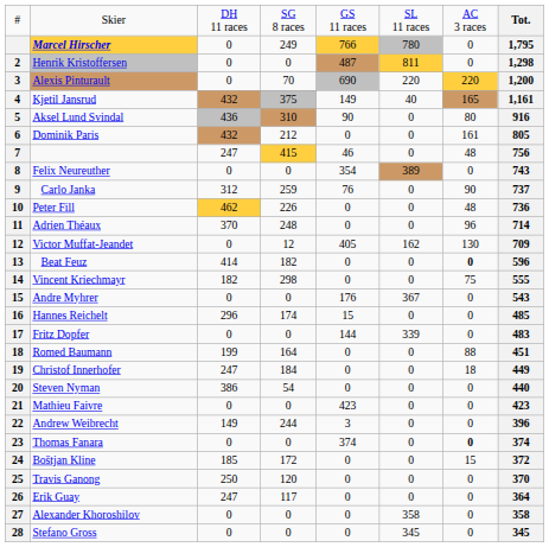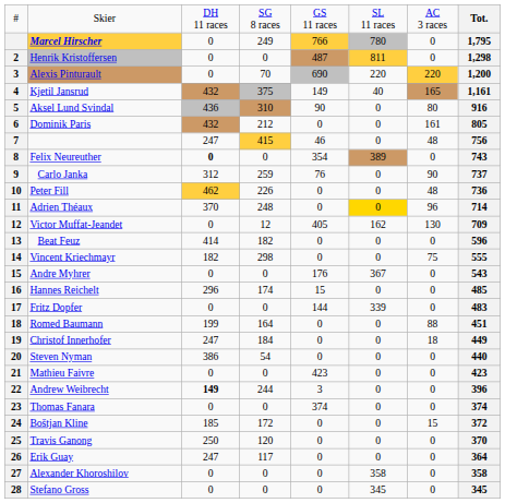 <table class="wikitable" width=60% style="font-size:100%; text-align:center;">
 <tr>
 <td>#</td>
 <td>Skier</td>
 <td><a href='#'>DH</a><br>11 races</td>
 <td><a href='#'>SG</a><br>8 races</td>
 <td><a href='#'>GS</a><br>11 races</td>
 <td><a href='#'>SL</a><br>11 races</td>
 <td><a href='#'>AC</a><br>3 races</td>
 <th>Tot.</th>
 </tr>
 <tr>
 <th></th>
 <td align=left bgcolor=ffcf40> <strong><em><a href='#'>Marcel Hirscher</a></em></strong></td>
 <td>0</td>
 <td>249</td>
 <td bgcolor=ffcf40>766</td>
 <td bgcolor=c0c0c0>780</td>
 <td>0</td>
 <th>1,795</th>
 </tr>
 <tr>
 <th>2</th>
 <td align=left bgcolor=c0c0c0> <a href='#'>Henrik Kristoffersen</a></td>
 <td>0</td>
 <td>0</td>
 <td bgcolor=cc9966>487</td>
 <td bgcolor=ffcf40>811</td>
 <td>0</td>
 <th>1,298</th>
 </tr>
 <tr>
 <th>3</th>
 <td align=left bgcolor=cc9966> <a href='#'>Alexis Pinturault</a></td>
 <td>0</td>
 <td>70</td>
 <td bgcolor=c0c0c0>690</td>
 <td>220</td>
 <td bgcolor=ffcf40>220</td>
 <th>1,200</th>
 </tr>
 <tr>
 <th>4</th>
 <td align=left> <a href='#'>Kjetil Jansrud</a></td>
 <td bgcolor=cc9966>432</td>
 <td bgcolor=c0c0c0>375</td>
 <td>149</td>
 <td>40</td>
 <td bgcolor=cc9966>165</td>
 <th>1,161</th>
 </tr>
 <tr>
 <th>5</th>
 <td align=left> <a href='#'>Aksel Lund Svindal</a></td>
 <td bgcolor=c0c0c0>436</td>
 <td bgcolor=cc9966>310</td>
 <td>90</td>
 <td>0</td>
 <td>80</td>
 <th>916</th>
 </tr>
 <tr>
 <th>6</th>
 <td align=left> <a href='#'>Dominik Paris</a></td>
 <td bgcolor=cc9966>432</td>
 <td>212</td>
 <td>0</td>
 <td>0</td>
 <td>161</td>
 <th>805</th>
 </tr>
 <tr>
 <th>7</th>
 <td align=left></td>
 <td>247</td>
 <td bgcolor=ffcf40>415</td>
 <td>46</td>
 <td>0</td>
 <td>48</td>
 <th>756</th>
 </tr>
 <tr>
 <th>8</th>
 <td align=left> <a href='#'>Felix Neureuther</a></td>
-<td>0</td>
+<td><strong>0</strong></td>
 <td>0</td>
 <td>354</td>
 <td bgcolor=cc9966>389</td>
 <td>0</td>
 <th>743</th>
 </tr>
 <tr>
 <th>9</th>
 <td align=left>   <a href='#'>Carlo Janka</a></td>
 <td>312</td>
 <td>259</td>
 <td>76</td>
 <td>0</td>
 <td>90</td>
 <th>737</th>
 </tr>
 <tr>
 <th>10</th>
 <td align=left> <a href='#'>Peter Fill</a></td>
 <td bgcolor=ffcf40>462</td>
 <td>226</td>
 <td>0</td>
 <td>0</td>
 <td>48</td>
 <th>736</th>
 </tr>
 <tr>
 <th>11</th>
 <td align=left> <a href='#'>Adrien Théaux</a></td>
 <td>370</td>
 <td>248</td>
 <td>0</td>
-<td>0</td>
+<td style="background: gold;">0</td>
 <td>96</td>
 <th>714</th>
 </tr>
 <tr>
 <th>12</th>
 <td align=left> <a href='#'>Victor Muffat-Jeandet</a></td>
 <td>0</td>
 <td>12</td>
 <td>405</td>
 <td>162</td>
 <td>130</td>
 <th>709</th>
 </tr>
 <tr>
 <th>13</th>
 <td align=left>   <a href='#'>Beat Feuz</a></td>
 <td>414</td>
 <td>182</td>
 <td>0</td>
 <td>0</td>
-<td><strong>0</strong></td>
+<td>0</td>
 <th>596</th>
 </tr>
 <tr>
 <th>14</th>
 <td align=left> <a href='#'>Vincent Kriechmayr</a></td>
 <td>182</td>
 <td>298</td>
 <td>0</td>
 <td>0</td>
 <td>75</td>
 <th>555</th>
 </tr>
 <tr>
 <th>15</th>
 <td align=left> <a href='#'>Andre Myhrer</a></td>
 <td>0</td>
 <td>0</td>
 <td>176</td>
 <td>367</td>
 <td>0</td>
 <th>543</th>
 </tr>
 <tr>
 <th>16</th>
 <td align=left> <a href='#'>Hannes Reichelt</a></td>
 <td>296</td>
 <td>174</td>
 <td>15</td>
 <td>0</td>
 <td>0</td>
 <th>485</th>
 </tr>
 <tr>
 <th>17</th>
 <td align=left> <a href='#'>Fritz Dopfer</a></td>
 <td>0</td>
 <td>0</td>
 <td>144</td>
 <td>339</td>
 <td>0</td>
 <th>483</th>
 </tr>
 <tr>
 <th>18</th>
 <td align=left> <a href='#'>Romed Baumann</a></td>
 <td>199</td>
 <td>164</td>
 <td>0</td>
 <td>0</td>
 <td>88</td>
 <th>451</th>
 </tr>
 <tr>
 <th>19</th>
 <td align=left> <a href='#'>Christof Innerhofer</a></td>
 <td>247</td>
 <td>184</td>
 <td>0</td>
 <td>0</td>
 <td>18</td>
 <th>449</th>
 </tr>
 <tr>
 <th>20</th>
 <td align=left> <a href='#'>Steven Nyman</a></td>
 <td>386</td>
 <td>54</td>
 <td>0</td>
 <td>0</td>
 <td>0</td>
 <th>440</th>
 </tr>
 <tr>
 <th>21</th>
 <td align=left> <a href='#'>Mathieu Faivre</a></td>
 <td>0</td>
 <td>0</td>
 <td>423</td>
 <td>0</td>
 <td>0</td>
 <th>423</th>
 </tr>
 <tr>
 <th>22</th>
 <td align=left> <a href='#'>Andrew Weibrecht</a></td>
-<td>149</td>
+<td><strong>149</strong></td>
 <td>244</td>
 <td>3</td>
 <td>0</td>
 <td>0</td>
 <th>396</th>
 </tr>
 <tr>
 <th>23</th>
 <td align=left> <a href='#'>Thomas Fanara</a></td>
 <td>0</td>
 <td>0</td>
 <td>374</td>
 <td>0</td>
-<td><strong>0</strong></td>
+<td>0</td>
 <th>374</th>
 </tr>
 <tr>
 <th>24</th>
 <td align=left> <a href='#'>Boštjan Kline</a></td>
 <td>185</td>
 <td>172</td>
 <td>0</td>
 <td>0</td>
 <td>15</td>
 <th>372</th>
 </tr>
 <tr>
 <th>25</th>
 <td align=left> <a href='#'>Travis Ganong</a></td>
 <td>250</td>
 <td>120</td>
 <td>0</td>
 <td>0</td>
 <td>0</td>
 <th>370</th>
 </tr>
 <tr>
 <th>26</th>
 <td align=left> <a href='#'>Erik Guay</a></td>
 <td>247</td>
 <td>117</td>
 <td>0</td>
 <td>0</td>
 <td>0</td>
 <th>364</th>
 </tr>
 <tr>
 <th>27</th>
 <td align=left> <a href='#'>Alexander Khoroshilov</a></td>
 <td>0</td>
 <td>0</td>
 <td>0</td>
 <td>358</td>
 <td>0</td>
 <th>358</th>
 </tr>
 <tr>
 <th>28</th>
 <td align=left> <a href='#'>Stefano Gross</a></td>
 <td>0</td>
 <td>0</td>
 <td>0</td>
 <td>345</td>
 <td>0</td>
 <th>345</th>
 </tr>
 </table>
